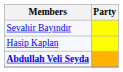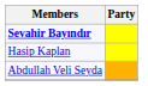 <table class=wikitable style="border:1px solid #8888aa; background-color:#f7f8ff; padding:0px; font-size:90%;">
 <tr>
 <th>Members</th>
 <th colspan="2">Party</th>
 </tr>
 <tr>
-<td><a href='#'>Sevahir Bayındır</a></td>
+<td><strong><a href='#'>Sevahir Bayındır</a></strong></td>
 <td style="background: #ffff00"></td>
 </tr>
 <tr>
 <td><a href='#'>Hasip Kaplan</a></td>
 <td style="background: #ffff00"></td>
 </tr>
 <tr>
-<td><strong><a href='#'>Abdullah Veli Seyda</a></strong></td>
+<td><a href='#'>Abdullah Veli Seyda</a></td>
 <td style="background: #ffb300"></td>
 </tr>
 <tr>
 </tr>
 </table>
